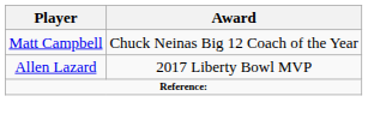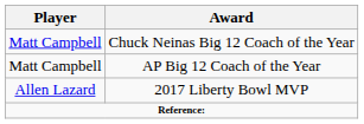 <table class="wikitable" style="text-align: center">
 <tr align=center>
 <th>Player</th>
 <th>Award</th>
 </tr>
 <tr>
 <td><a href='#'>Matt Campbell</a></td>
 <td>Chuck Neinas Big 12 Coach of the Year</td>
 </tr>
 <tr>
+<td>Matt Campbell</td>
+<td>AP Big 12 Coach of the Year</td>
+</tr>
+<tr>
 <td><a href='#'>Allen Lazard</a></td>
 <td>2017 Liberty Bowl MVP</td>
 </tr>
 <tr>
 <td colspan="2"  style="font-size:8pt; text-align:center;"><strong>Reference:</strong></td>
 </tr>
 </table>
